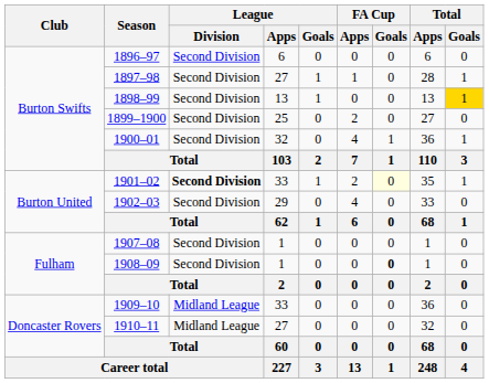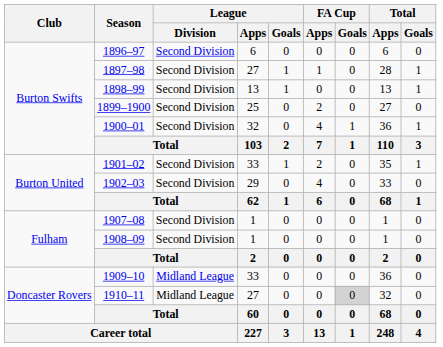 <table class="wikitable" style="text-align:center">
 <tr>
 <th rowspan="2">Club</th>
 <th rowspan="2">Season</th>
 <th colspan="3">League</th>
 <th colspan="2">FA Cup</th>
 <th colspan="2">Total</th>
 </tr>
 <tr>
 <th>Division</th>
 <th>Apps</th>
 <th>Goals</th>
 <th>Apps</th>
 <th>Goals</th>
 <th>Apps</th>
 <th>Goals</th>
 </tr>
 <tr>
 <td rowspan="6"><a href='#'>Burton Swifts</a></td>
 <td><a href='#'>1896–97</a></td>
 <td><a href='#'>Second Division</a></td>
 <td>6</td>
 <td>0</td>
 <td>0</td>
 <td>0</td>
 <td>6</td>
 <td>0</td>
 </tr>
 <tr>
 <td><a href='#'>1897–98</a></td>
 <td>Second Division</td>
 <td>27</td>
 <td>1</td>
 <td>1</td>
 <td>0</td>
 <td>28</td>
 <td>1</td>
 </tr>
 <tr>
 <td><a href='#'>1898–99</a></td>
 <td>Second Division</td>
 <td>13</td>
 <td>1</td>
 <td>0</td>
 <td>0</td>
 <td>13</td>
-<td style="background: gold;">1</td>
+<td>1</td>
 </tr>
 <tr>
 <td><a href='#'>1899–1900</a></td>
 <td>Second Division</td>
 <td>25</td>
 <td>0</td>
 <td>2</td>
 <td>0</td>
 <td>27</td>
 <td>0</td>
 </tr>
 <tr>
 <td><a href='#'>1900–01</a></td>
 <td>Second Division</td>
 <td>32</td>
 <td>0</td>
 <td>4</td>
 <td>1</td>
 <td>36</td>
 <td>1</td>
 </tr>
 <tr>
 <th colspan="2">Total</th>
 <th>103</th>
 <th>2</th>
 <th>7</th>
 <th>1</th>
 <th>110</th>
 <th>3</th>
 </tr>
 <tr>
 <td rowspan="3"><a href='#'>Burton United</a></td>
 <td><a href='#'>1901–02</a></td>
-<td><strong>Second Division</strong></td>
+<td>Second Division</td>
 <td>33</td>
 <td>1</td>
 <td>2</td>
-<td style="background: lightyellow;">0</td>
+<td>0</td>
 <td>35</td>
 <td>1</td>
 </tr>
 <tr>
 <td><a href='#'>1902–03</a></td>
 <td>Second Division</td>
 <td>29</td>
 <td>0</td>
 <td>4</td>
 <td>0</td>
 <td>33</td>
 <td>0</td>
 </tr>
 <tr>
 <th colspan="2">Total</th>
 <th>62</th>
 <th>1</th>
 <th>6</th>
 <th>0</th>
 <th>68</th>
 <th>1</th>
 </tr>
 <tr>
 <td rowspan="3"><a href='#'>Fulham</a></td>
 <td><a href='#'>1907–08</a></td>
 <td>Second Division</td>
 <td>1</td>
 <td>0</td>
 <td>0</td>
 <td>0</td>
 <td>1</td>
 <td>0</td>
 </tr>
 <tr>
 <td><a href='#'>1908–09</a></td>
 <td>Second Division</td>
 <td>1</td>
 <td>0</td>
 <td>0</td>
-<td><strong>0</strong></td>
+<td>0</td>
 <td>1</td>
 <td>0</td>
 </tr>
 <tr>
 <th colspan="2">Total</th>
 <th>2</th>
 <th>0</th>
 <th>0</th>
 <th>0</th>
 <th>2</th>
 <th>0</th>
 </tr>
 <tr>
 <td rowspan="3"><a href='#'>Doncaster Rovers</a></td>
 <td><a href='#'>1909–10</a></td>
 <td><a href='#'>Midland League</a></td>
 <td>33</td>
 <td>0</td>
 <td>0</td>
 <td>0</td>
 <td>36</td>
 <td>0</td>
 </tr>
 <tr>
 <td><a href='#'>1910–11</a></td>
 <td>Midland League</td>
 <td>27</td>
 <td>0</td>
 <td>0</td>
-<td>0</td>
+<td style="background: lightgrey;">0</td>
 <td>32</td>
 <td>0</td>
 </tr>
 <tr>
 <th colspan="2">Total</th>
 <th>60</th>
 <th>0</th>
 <th>0</th>
 <th>0</th>
 <th>68</th>
 <th>0</th>
 </tr>
 <tr>
 <th colspan="3">Career total</th>
 <th>227</th>
 <th>3</th>
 <th>13</th>
 <th>1</th>
 <th>248</th>
 <th>4</th>
 </tr>
 </table>
